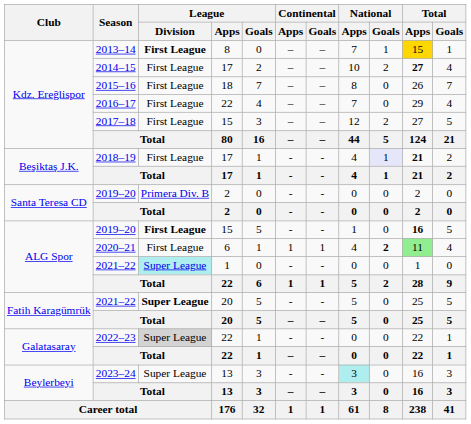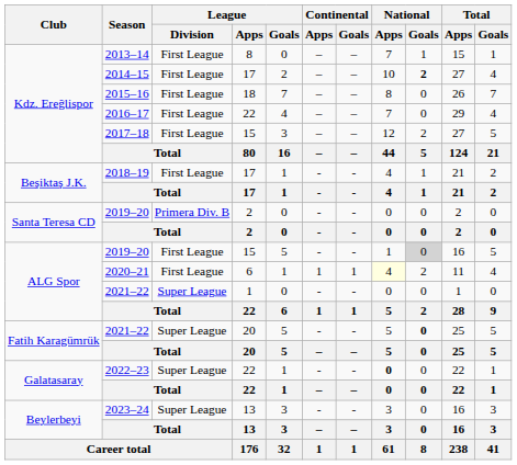 <table class="wikitable" style="text-align: center;">
 <tr>
 <th rowspan=2>Club</th>
 <th rowspan=2>Season</th>
 <th colspan=3>League</th>
 <th colspan=2>Continental</th>
 <th colspan=2>National</th>
 <th colspan=2>Total</th>
 </tr>
 <tr>
 <th>Division</th>
 <th>Apps</th>
 <th>Goals</th>
 <th>Apps</th>
 <th>Goals</th>
 <th>Apps</th>
 <th>Goals</th>
 <th>Apps</th>
 <th>Goals</th>
 </tr>
 <tr>
 <td rowspan=6><a href='#'>Kdz. Ereğlispor</a></td>
 <td><a href='#'>2013–14</a></td>
-<td><strong>First League</strong></td>
+<td>First League</td>
 <td>8</td>
 <td>0</td>
 <td>–</td>
 <td>–</td>
 <td>7</td>
 <td>1</td>
-<td style="background: gold;">15</td>
+<td>15</td>
 <td>1</td>
 </tr>
 <tr>
 <td><a href='#'>2014–15</a></td>
 <td>First League</td>
 <td>17</td>
 <td>2</td>
 <td>–</td>
 <td>–</td>
 <td>10</td>
-<td>2</td>
-<td><strong>27</strong></td>
+<td><strong>2</strong></td>
+<td>27</td>
 <td>4</td>
 </tr>
 <tr>
 <td><a href='#'>2015–16</a></td>
 <td>First League</td>
 <td>18</td>
 <td>7</td>
 <td>–</td>
 <td>–</td>
 <td>8</td>
 <td>0</td>
 <td>26</td>
 <td>7</td>
 </tr>
 <tr>
 <td><a href='#'>2016–17</a></td>
 <td>First League</td>
 <td>22</td>
 <td>4</td>
 <td>–</td>
 <td>–</td>
 <td>7</td>
 <td>0</td>
 <td>29</td>
 <td>4</td>
 </tr>
 <tr>
 <td><a href='#'>2017–18</a></td>
 <td>First League</td>
 <td>15</td>
 <td>3</td>
 <td>–</td>
 <td>–</td>
 <td>12</td>
 <td>2</td>
 <td>27</td>
 <td>5</td>
 </tr>
 <tr>
 <th colspan=2>Total</th>
 <th>80</th>
 <th>16</th>
 <th>–</th>
 <th>–</th>
 <th>44</th>
 <th>5</th>
 <th>124</th>
 <th>21</th>
 </tr>
 <tr>
 <td rowspan=2><a href='#'>Beşiktaş J.K.</a></td>
 <td><a href='#'>2018–19</a></td>
 <td>First League</td>
 <td>17</td>
 <td>1</td>
 <td>-</td>
 <td>-</td>
 <td>4</td>
-<td style="background: lavender;">1</td>
-<td><strong>21</strong></td>
+<td>1</td>
+<td>21</td>
 <td>2</td>
 </tr>
 <tr>
 <th colspan="2">Total</th>
 <th>17</th>
 <th>1</th>
 <th>-</th>
 <th>-</th>
 <th>4</th>
 <th>1</th>
 <th>21</th>
 <th>2</th>
 </tr>
 <tr>
 <td rowspan=2><a href='#'>Santa Teresa CD</a></td>
 <td><a href='#'>2019–20</a></td>
 <td><a href='#'>Primera Div. B</a></td>
 <td>2</td>
 <td>0</td>
 <td>-</td>
 <td>-</td>
 <td>0</td>
 <td>0</td>
 <td>2</td>
 <td>0</td>
 </tr>
 <tr>
 <th colspan="2">Total</th>
 <th>2</th>
 <th>0</th>
 <th>-</th>
 <th>-</th>
 <th>0</th>
 <th>0</th>
 <th>2</th>
 <th>0</th>
 </tr>
 <tr>
 <td rowspan=4><a href='#'>ALG Spor</a></td>
 <td><a href='#'>2019–20</a></td>
-<td><strong>First League</strong></td>
+<td>First League</td>
 <td>15</td>
 <td>5</td>
 <td>-</td>
 <td>-</td>
 <td>1</td>
-<td>0</td>
-<td><strong>16</strong></td>
+<td style="background: lightgrey;">0</td>
+<td>16</td>
 <td>5</td>
 </tr>
 <tr>
 <td><a href='#'>2020–21</a></td>
 <td>First League</td>
 <td>6</td>
 <td>1</td>
 <td>1</td>
 <td>1</td>
-<td>4</td>
-<td><strong>2</strong></td>
-<td style="background: lightgreen;">11</td>
+<td style="background: lightyellow;">4</td>
+<td>2</td>
+<td>11</td>
 <td>4</td>
 </tr>
 <tr>
 <td><a href='#'>2021–22</a></td>
-<td style="background: paleturquoise;"><a href='#'>Super League</a></td>
+<td><a href='#'>Super League</a></td>
 <td>1</td>
 <td>0</td>
 <td>-</td>
 <td>-</td>
 <td>0</td>
 <td>0</td>
 <td>1</td>
 <td>0</td>
 </tr>
 <tr>
 <th colspan="2">Total</th>
 <th>22</th>
 <th>6</th>
 <th>1</th>
 <th>1</th>
 <th>5</th>
 <th>2</th>
 <th>28</th>
 <th>9</th>
 </tr>
 <tr>
 <td rowspan=2><a href='#'>Fatih Karagümrük</a></td>
 <td><a href='#'>2021–22</a></td>
-<td><strong>Super League</strong></td>
+<td>Super League</td>
 <td>20</td>
 <td>5</td>
 <td>-</td>
 <td>-</td>
 <td>5</td>
-<td>0</td>
+<td><strong>0</strong></td>
 <td>25</td>
 <td>5</td>
 </tr>
 <tr>
 <th colspan="2">Total</th>
 <th>20</th>
 <th>5</th>
 <th>–</th>
 <th>–</th>
 <th>5</th>
 <th>0</th>
 <th>25</th>
 <th>5</th>
 </tr>
 <tr>
 <td rowspan=2><a href='#'>Galatasaray</a></td>
 <td><a href='#'>2022–23</a></td>
-<td style="background: lightgrey;">Super League</td>
+<td>Super League</td>
 <td>22</td>
 <td>1</td>
 <td>-</td>
 <td>-</td>
-<td>0</td>
+<td><strong>0</strong></td>
 <td>0</td>
 <td>22</td>
 <td>1</td>
 </tr>
 <tr>
 <th colspan="2">Total</th>
 <th>22</th>
 <th>1</th>
 <th>–</th>
 <th>–</th>
 <th>0</th>
 <th>0</th>
 <th>22</th>
 <th>1</th>
 </tr>
 <tr>
 <td rowspan=2><a href='#'>Beylerbeyi</a></td>
 <td><a href='#'>2023–24</a></td>
 <td>Super League</td>
 <td>13</td>
 <td>3</td>
 <td>-</td>
 <td>-</td>
-<td style="background: paleturquoise;">3</td>
+<td>3</td>
 <td>0</td>
 <td>16</td>
 <td>3</td>
 </tr>
 <tr>
 <th colspan="2">Total</th>
 <th>13</th>
 <th>3</th>
 <th>–</th>
 <th>–</th>
 <th>3</th>
 <th>0</th>
 <th>16</th>
 <th>3</th>
 </tr>
 <tr>
 <th colspan=3>Career total</th>
 <th>176</th>
 <th>32</th>
 <th>1</th>
 <th>1</th>
 <th>61</th>
 <th>8</th>
 <th>238</th>
 <th>41</th>
 </tr>
 </table>
